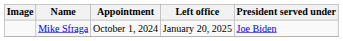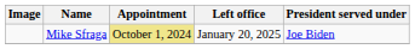 <table class="wikitable">
 <tr>
 <th>Image</th>
 <th>Name</th>
 <th>Appointment</th>
 <th>Left office</th>
 <th>President served under</th>
 </tr>
 <tr>
 <td></td>
 <td><a href='#'>Mike Sfraga</a></td>
-<td>October 1, 2024</td>
+<td style="background: khaki;">October 1, 2024</td>
 <td>January 20, 2025</td>
 <td><a href='#'>Joe Biden</a></td>
 </tr>
 <tr>
 </tr>
 </table>
